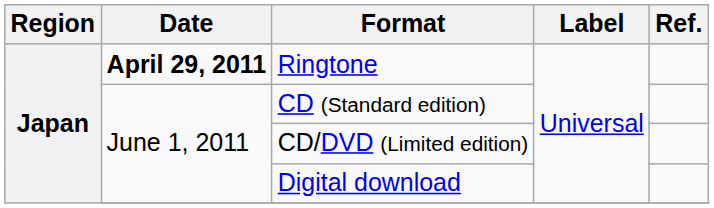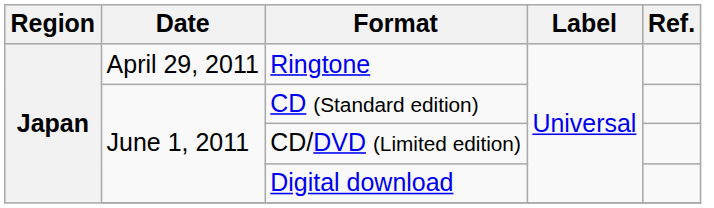 <table class="wikitable sortable plainrowheaders">
 <tr>
 <th scope="col">Region</th>
 <th scope="col">Date</th>
 <th scope="col">Format</th>
 <th scope="col">Label</th>
 <th scope="col">Ref.</th>
 </tr>
 <tr>
 <th scope="row" rowspan="8">Japan</th>
-<td><strong>April 29, 2011</strong></td>
+<td>April 29, 2011</td>
 <td><a href='#'>Ringtone</a></td>
 <td rowspan="4"><a href='#'>Universal</a></td>
 <td></td>
 </tr>
 <tr>
 <td rowspan="3">June 1, 2011</td>
 <td><a href='#'>CD</a> <small>(Standard edition)</small></td>
 <td></td>
 </tr>
 <tr>
 <td>CD/<a href='#'>DVD</a> <small>(Limited edition)</small></td>
 <td></td>
 </tr>
 <tr>
 <td><a href='#'>Digital download</a></td>
 <td></td>
 </tr>
 <tr>
 </tr>
 </table>
